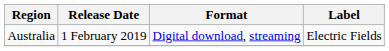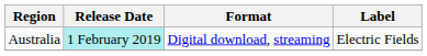 <table class="wikitable">
 <tr>
 <th>Region</th>
 <th>Release Date</th>
 <th>Format</th>
 <th>Label</th>
 </tr>
 <tr>
 <td>Australia</td>
-<td>1 February 2019</td>
+<td style="background: paleturquoise;">1 February 2019</td>
 <td><a href='#'>Digital download</a>, <a href='#'>streaming</a></td>
 <td>Electric Fields</td>
 </tr>
 <tr>
 </tr>
 </table>
